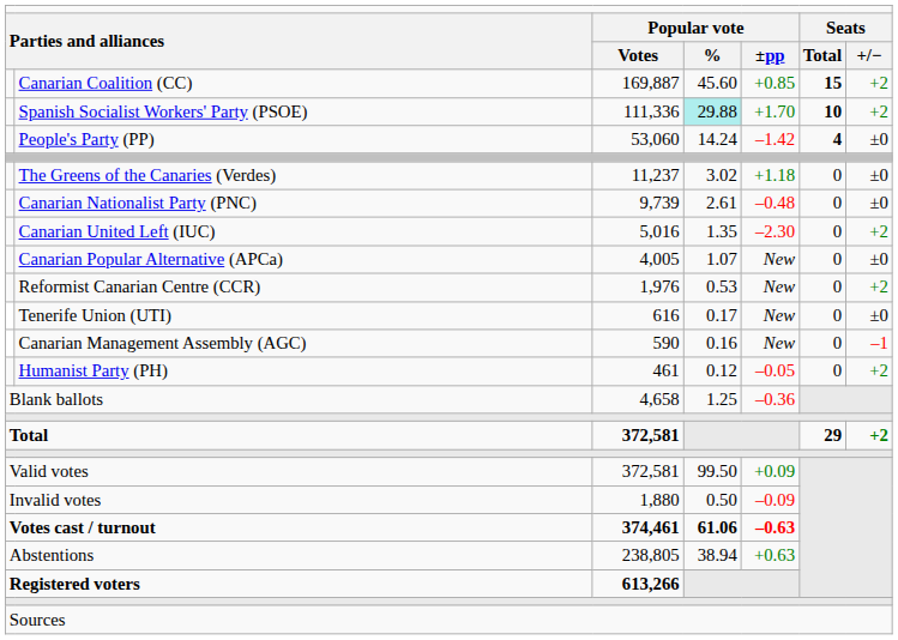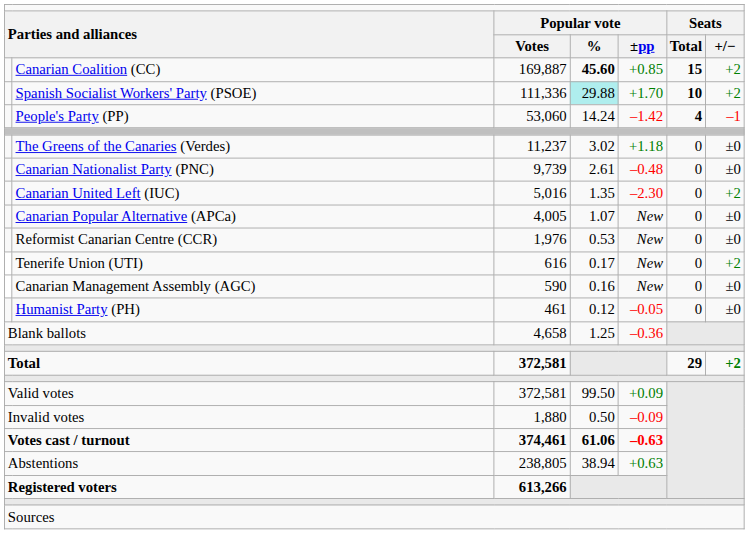 <table class="wikitable" style="text-align:right;">
 <tr>
 <td colspan="7"></td>
 </tr>
 <tr>
 <th style="text-align:left;" rowspan="2" colspan="2" width="525">Parties and alliances</th>
 <th colspan="3">Popular vote</th>
 <th colspan="2">Seats</th>
 </tr>
 <tr>
 <th width="75">Votes</th>
 <th width="45">%</th>
 <th width="45">±<a href='#'>pp</a></th>
 <th width="35">Total</th>
 <th width="35">+/−</th>
 </tr>
 <tr>
 <td width="1" style="color:inherit;background:"></td>
 <td align="left"><a href='#'>Canarian Coalition</a> (CC)</td>
 <td>169,887</td>
-<td>45.60</td>
+<td><strong>45.60</strong></td>
 <td style="color:green;">+0.85</td>
 <td><strong>15</strong></td>
 <td style="color:green;">+2</td>
 </tr>
 <tr>
 <td style="color:inherit;background:"></td>
 <td align="left"><a href='#'>Spanish Socialist Workers' Party</a> (PSOE)</td>
 <td>111,336</td>
 <td style="background: paleturquoise;">29.88</td>
 <td style="color:green;">+1.70</td>
 <td><strong>10</strong></td>
 <td style="color:green;">+2</td>
 </tr>
 <tr>
 <td style="color:inherit;background:"></td>
 <td align="left"><a href='#'>People's Party</a> (PP)</td>
 <td>53,060</td>
 <td>14.24</td>
 <td style="color:red;">–1.42</td>
 <td><strong>4</strong></td>
-<td>±0</td>
+<td style="color:red;">–1</td>
 </tr>
 <tr>
 <td colspan="7" bgcolor="#C0C0C0"></td>
 </tr>
 <tr>
 <td style="color:inherit;background:"></td>
 <td align="left"><a href='#'>The Greens of the Canaries</a> (Verdes)</td>
 <td>11,237</td>
 <td>3.02</td>
 <td style="color:green;">+1.18</td>
 <td>0</td>
 <td>±0</td>
 </tr>
 <tr>
 <td style="color:inherit;background:"></td>
 <td align="left"><a href='#'>Canarian Nationalist Party</a> (PNC)</td>
 <td>9,739</td>
 <td>2.61</td>
 <td style="color:red;">–0.48</td>
 <td>0</td>
 <td>±0</td>
 </tr>
 <tr>
 <td style="color:inherit;background:"></td>
 <td align="left"><a href='#'>Canarian United Left</a> (IUC)</td>
 <td>5,016</td>
 <td>1.35</td>
 <td style="color:red;">–2.30</td>
 <td>0</td>
 <td style="color:green;">+2</td>
 </tr>
 <tr>
 <td style="color:inherit;background:"></td>
 <td align="left"><a href='#'>Canarian Popular Alternative</a> (APCa)</td>
 <td>4,005</td>
 <td>1.07</td>
 <td><em>New</em></td>
 <td>0</td>
 <td>±0</td>
 </tr>
 <tr>
 <td style="color:inherit;background:"></td>
 <td align="left">Reformist Canarian Centre (CCR)</td>
 <td>1,976</td>
 <td>0.53</td>
 <td><em>New</em></td>
 <td>0</td>
-<td style="color:green;">+2</td>
+<td>±0</td>
 </tr>
 <tr>
 <td bgcolor="white"></td>
 <td align="left">Tenerife Union (UTI)</td>
 <td>616</td>
 <td>0.17</td>
 <td><em>New</em></td>
 <td>0</td>
-<td>±0</td>
+<td style="color:green;">+2</td>
 </tr>
 <tr>
 <td bgcolor="white"></td>
 <td align="left">Canarian Management Assembly (AGC)</td>
 <td>590</td>
 <td>0.16</td>
 <td><em>New</em></td>
 <td>0</td>
-<td style="color:red;">–1</td>
+<td>±0</td>
 </tr>
 <tr>
 <td style="color:inherit;background:"></td>
 <td align="left"><a href='#'>Humanist Party</a> (PH)</td>
 <td>461</td>
 <td>0.12</td>
 <td style="color:red;">–0.05</td>
 <td>0</td>
-<td style="color:green;">+2</td>
+<td>±0</td>
 </tr>
 <tr>
 <td align="left" colspan="2">Blank ballots</td>
 <td>4,658</td>
 <td>1.25</td>
 <td style="color:red;">–0.36</td>
 <td bgcolor="#E9E9E9" colspan="2"></td>
 </tr>
 <tr>
 <td colspan="7" bgcolor="#E9E9E9"></td>
 </tr>
 <tr style="font-weight:bold;">
 <td align="left" colspan="2">Total</td>
 <td>372,581</td>
 <td bgcolor="#E9E9E9" colspan="2"></td>
 <td>29</td>
 <td style="color:green;">+2</td>
 </tr>
 <tr>
 <td colspan="7" bgcolor="#E9E9E9"></td>
 </tr>
 <tr>
 <td align="left" colspan="2">Valid votes</td>
 <td>372,581</td>
 <td>99.50</td>
 <td style="color:green;">+0.09</td>
 <td bgcolor="#E9E9E9" colspan="2" rowspan="5"></td>
 </tr>
 <tr>
 <td align="left" colspan="2">Invalid votes</td>
 <td>1,880</td>
 <td>0.50</td>
 <td style="color:red;">–0.09</td>
 </tr>
 <tr style="font-weight:bold;">
 <td align="left" colspan="2">Votes cast / turnout</td>
 <td>374,461</td>
 <td>61.06</td>
 <td style="color:red;">–0.63</td>
 </tr>
 <tr>
 <td align="left" colspan="2">Abstentions</td>
 <td>238,805</td>
 <td>38.94</td>
 <td style="color:green;">+0.63</td>
 </tr>
 <tr style="font-weight:bold;">
 <td align="left" colspan="2">Registered voters</td>
 <td>613,266</td>
 <td bgcolor="#E9E9E9" colspan="2"></td>
 </tr>
 <tr>
 <td colspan="7" bgcolor="#E9E9E9"></td>
 </tr>
 <tr>
 <td align="left" colspan="7">Sources</td>
 </tr>
 </table>
